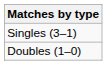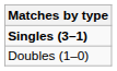 <table class="wikitable" style=font-size:90%>
 <tr>
 <th>Matches by type</th>
 </tr>
 <tr>
-<td>Singles (3–1)</td>
+<td><strong>Singles (3–1)</strong></td>
 </tr>
 <tr>
 <td>Doubles (1–0)</td>
 </tr>
 </table>
